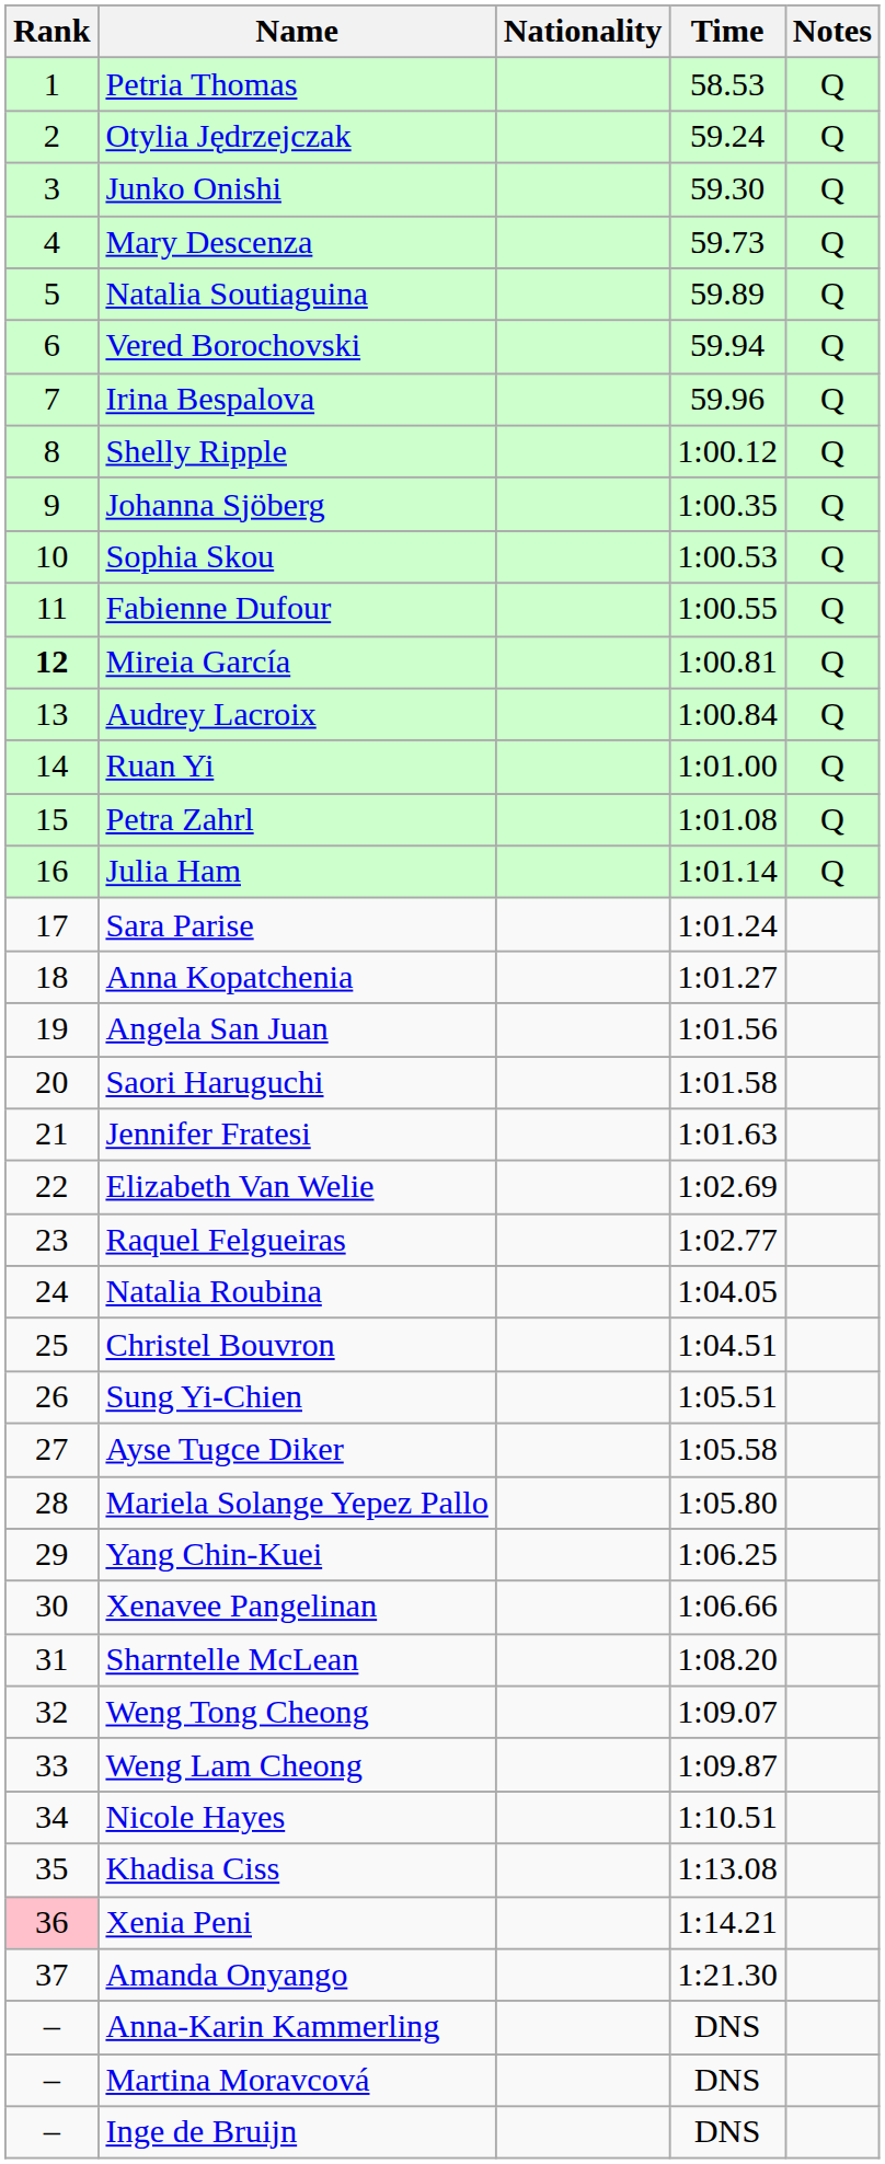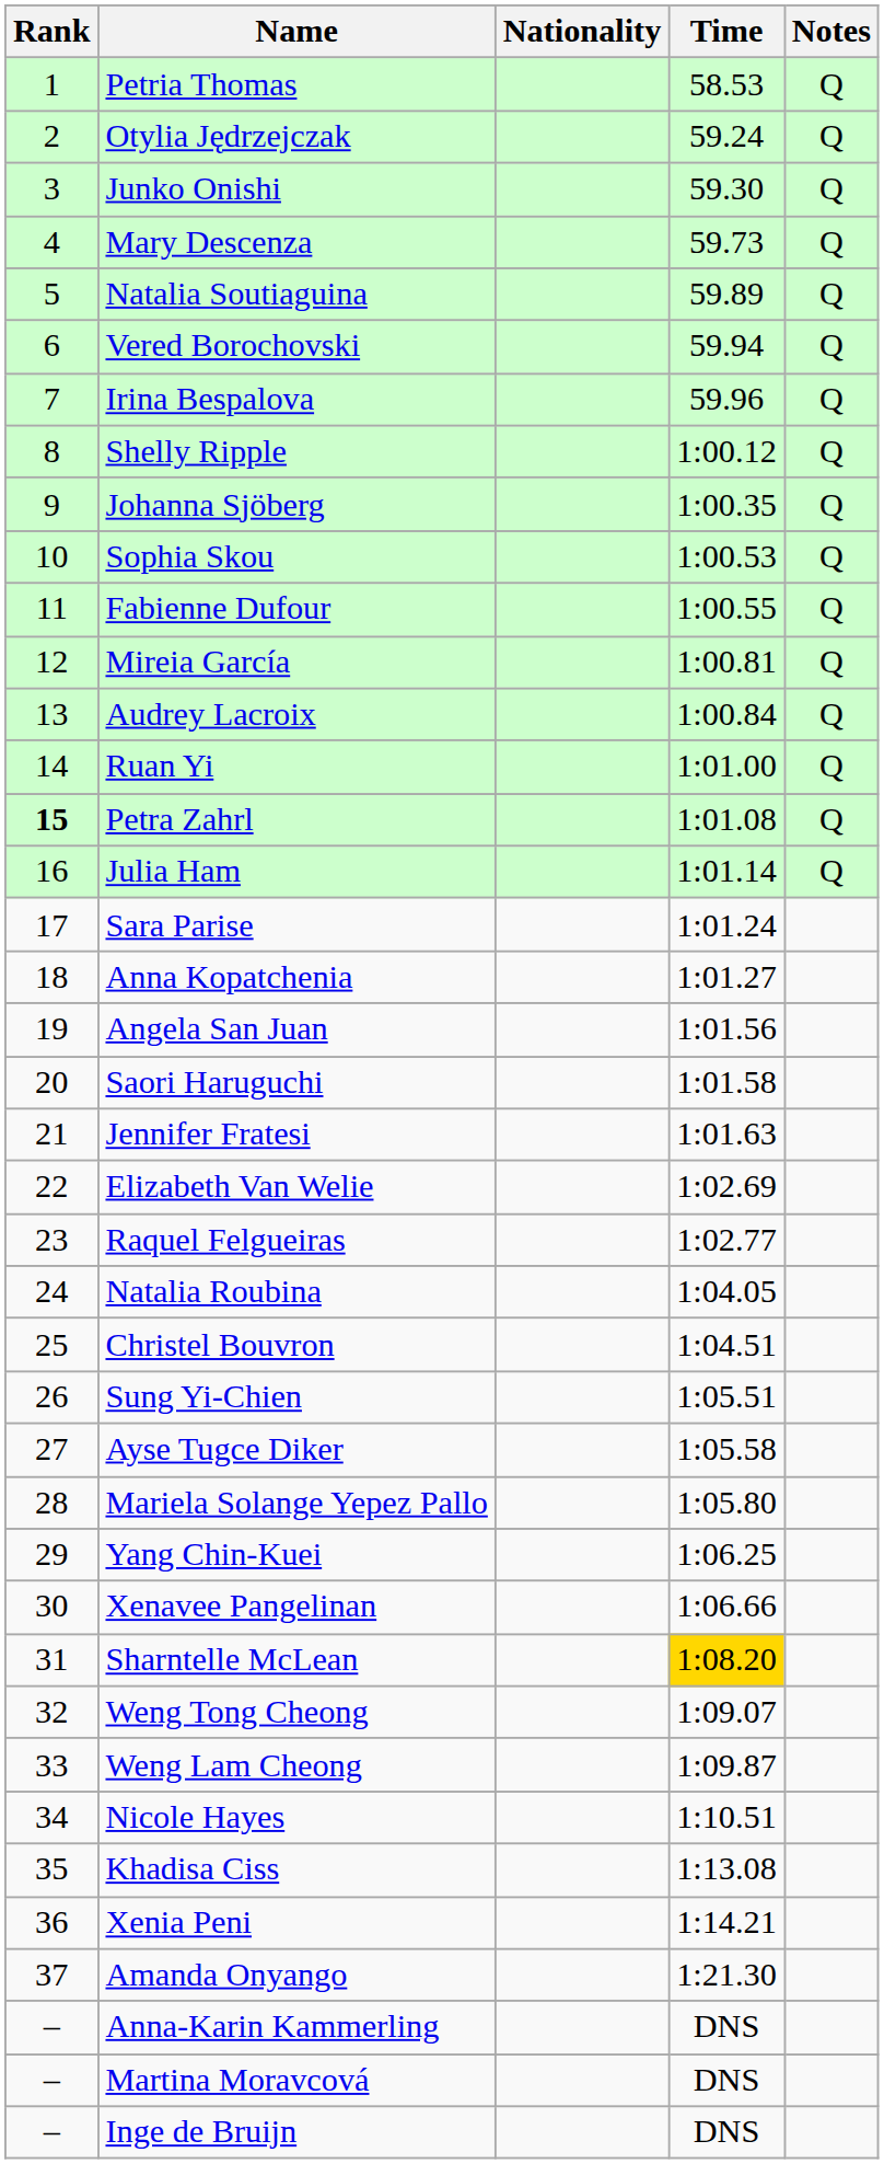 <table class="wikitable sortable" style="text-align:center">
 <tr>
 <th>Rank</th>
 <th>Name</th>
 <th>Nationality</th>
 <th>Time</th>
 <th>Notes</th>
 </tr>
 <tr bgcolor=ccffcc>
 <td>1</td>
 <td align=left><a href='#'>Petria Thomas</a></td>
 <td align=left></td>
 <td>58.53</td>
 <td>Q</td>
 </tr>
 <tr bgcolor=ccffcc>
 <td>2</td>
 <td align=left><a href='#'>Otylia Jędrzejczak</a></td>
 <td align=left></td>
 <td>59.24</td>
 <td>Q</td>
 </tr>
 <tr bgcolor=ccffcc>
 <td>3</td>
 <td align=left><a href='#'>Junko Onishi</a></td>
 <td align=left></td>
 <td>59.30</td>
 <td>Q</td>
 </tr>
 <tr bgcolor=ccffcc>
 <td>4</td>
 <td align=left><a href='#'>Mary Descenza</a></td>
 <td align=left></td>
 <td>59.73</td>
 <td>Q</td>
 </tr>
 <tr bgcolor=ccffcc>
 <td>5</td>
 <td align=left><a href='#'>Natalia Soutiaguina</a></td>
 <td align=left></td>
 <td>59.89</td>
 <td>Q</td>
 </tr>
 <tr bgcolor=ccffcc>
 <td>6</td>
 <td align=left><a href='#'>Vered Borochovski</a></td>
 <td align=left></td>
 <td>59.94</td>
 <td>Q</td>
 </tr>
 <tr bgcolor=ccffcc>
 <td>7</td>
 <td align=left><a href='#'>Irina Bespalova</a></td>
 <td align=left></td>
 <td>59.96</td>
 <td>Q</td>
 </tr>
 <tr bgcolor=ccffcc>
 <td>8</td>
 <td align=left><a href='#'>Shelly Ripple</a></td>
 <td align=left></td>
 <td>1:00.12</td>
 <td>Q</td>
 </tr>
 <tr bgcolor=ccffcc>
 <td>9</td>
 <td align=left><a href='#'>Johanna Sjöberg</a></td>
 <td align=left></td>
 <td>1:00.35</td>
 <td>Q</td>
 </tr>
 <tr bgcolor=ccffcc>
 <td>10</td>
 <td align=left><a href='#'>Sophia Skou</a></td>
 <td align=left></td>
 <td>1:00.53</td>
 <td>Q</td>
 </tr>
 <tr bgcolor=ccffcc>
 <td>11</td>
 <td align=left><a href='#'>Fabienne Dufour</a></td>
 <td align=left></td>
 <td>1:00.55</td>
 <td>Q</td>
 </tr>
 <tr bgcolor=ccffcc>
-<td><strong>12</strong></td>
+<td>12</td>
 <td align=left><a href='#'>Mireia García</a></td>
 <td align=left></td>
 <td>1:00.81</td>
 <td>Q</td>
 </tr>
 <tr bgcolor=ccffcc>
 <td>13</td>
 <td align=left><a href='#'>Audrey Lacroix</a></td>
 <td align=left></td>
 <td>1:00.84</td>
 <td>Q</td>
 </tr>
 <tr bgcolor=ccffcc>
 <td>14</td>
 <td align=left><a href='#'>Ruan Yi</a></td>
 <td align=left></td>
 <td>1:01.00</td>
 <td>Q</td>
 </tr>
 <tr bgcolor=ccffcc>
-<td>15</td>
+<td><strong>15</strong></td>
 <td align=left><a href='#'>Petra Zahrl</a></td>
 <td align=left></td>
 <td>1:01.08</td>
 <td>Q</td>
 </tr>
 <tr bgcolor=ccffcc>
 <td>16</td>
 <td align=left><a href='#'>Julia Ham</a></td>
 <td align=left></td>
 <td>1:01.14</td>
 <td>Q</td>
 </tr>
 <tr>
 <td>17</td>
 <td align=left><a href='#'>Sara Parise</a></td>
 <td align=left></td>
 <td>1:01.24</td>
 <td></td>
 </tr>
 <tr>
 <td>18</td>
 <td align=left><a href='#'>Anna Kopatchenia</a></td>
 <td align=left></td>
 <td>1:01.27</td>
 <td></td>
 </tr>
 <tr>
 <td>19</td>
 <td align=left><a href='#'>Angela San Juan</a></td>
 <td align=left></td>
 <td>1:01.56</td>
 <td></td>
 </tr>
 <tr>
 <td>20</td>
 <td align=left><a href='#'>Saori Haruguchi</a></td>
 <td align=left></td>
 <td>1:01.58</td>
 <td></td>
 </tr>
 <tr>
 <td>21</td>
 <td align=left><a href='#'>Jennifer Fratesi</a></td>
 <td align=left></td>
 <td>1:01.63</td>
 <td></td>
 </tr>
 <tr>
 <td>22</td>
 <td align=left><a href='#'>Elizabeth Van Welie</a></td>
 <td align=left></td>
 <td>1:02.69</td>
 <td></td>
 </tr>
 <tr>
 <td>23</td>
 <td align=left><a href='#'>Raquel Felgueiras</a></td>
 <td align=left></td>
 <td>1:02.77</td>
 <td></td>
 </tr>
 <tr>
 <td>24</td>
 <td align=left><a href='#'>Natalia Roubina</a></td>
 <td align=left></td>
 <td>1:04.05</td>
 <td></td>
 </tr>
 <tr>
 <td>25</td>
 <td align=left><a href='#'>Christel Bouvron</a></td>
 <td align=left></td>
 <td>1:04.51</td>
 <td></td>
 </tr>
 <tr>
 <td>26</td>
 <td align=left><a href='#'>Sung Yi-Chien</a></td>
 <td align=left></td>
 <td>1:05.51</td>
 <td></td>
 </tr>
 <tr>
 <td>27</td>
 <td align=left><a href='#'>Ayse Tugce Diker</a></td>
 <td align=left></td>
 <td>1:05.58</td>
 <td></td>
 </tr>
 <tr>
 <td>28</td>
 <td align=left><a href='#'>Mariela Solange Yepez Pallo</a></td>
 <td align=left></td>
 <td>1:05.80</td>
 <td></td>
 </tr>
 <tr>
 <td>29</td>
 <td align=left><a href='#'>Yang Chin-Kuei</a></td>
 <td align=left></td>
 <td>1:06.25</td>
 <td></td>
 </tr>
 <tr>
 <td>30</td>
 <td align=left><a href='#'>Xenavee Pangelinan</a></td>
 <td align=left></td>
 <td>1:06.66</td>
 <td></td>
 </tr>
 <tr>
 <td>31</td>
 <td align=left><a href='#'>Sharntelle McLean</a></td>
 <td align=left></td>
-<td>1:08.20</td>
+<td style="background: gold;">1:08.20</td>
 <td></td>
 </tr>
 <tr>
 <td>32</td>
 <td align=left><a href='#'>Weng Tong Cheong</a></td>
 <td align=left></td>
 <td>1:09.07</td>
 <td></td>
 </tr>
 <tr>
 <td>33</td>
 <td align=left><a href='#'>Weng Lam Cheong</a></td>
 <td align=left></td>
 <td>1:09.87</td>
 <td></td>
 </tr>
 <tr>
 <td>34</td>
 <td align=left><a href='#'>Nicole Hayes</a></td>
 <td align=left></td>
 <td>1:10.51</td>
 <td></td>
 </tr>
 <tr>
 <td>35</td>
 <td align=left><a href='#'>Khadisa Ciss</a></td>
 <td align=left></td>
 <td>1:13.08</td>
 <td></td>
 </tr>
 <tr>
-<td style="background: pink;">36</td>
+<td>36</td>
 <td align=left><a href='#'>Xenia Peni</a></td>
 <td align=left></td>
 <td>1:14.21</td>
 <td></td>
 </tr>
 <tr>
 <td>37</td>
 <td align=left><a href='#'>Amanda Onyango</a></td>
 <td align=left></td>
 <td>1:21.30</td>
 <td></td>
 </tr>
 <tr>
 <td>–</td>
 <td align=left><a href='#'>Anna-Karin Kammerling</a></td>
 <td align=left></td>
 <td>DNS</td>
 <td></td>
 </tr>
 <tr>
 <td>–</td>
 <td align=left><a href='#'>Martina Moravcová</a></td>
 <td align=left></td>
 <td>DNS</td>
 <td></td>
 </tr>
 <tr>
 <td>–</td>
 <td align=left><a href='#'>Inge de Bruijn</a></td>
 <td align=left></td>
 <td>DNS</td>
 <td></td>
 </tr>
 </table>
